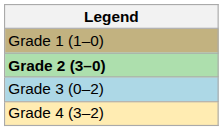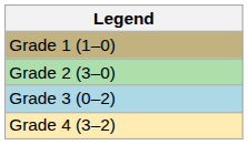 <table class="wikitable" style="font-size:85%;" width=12%>
 <tr>
 <th>Legend</th>
 </tr>
 <tr bgcolor="#C2B280">
 <td>Grade 1 (1–0)</td>
 </tr>
 <tr bgcolor="#ADDFAD">
-<td><strong>Grade 2 (3–0)</strong></td>
+<td>Grade 2 (3–0)</td>
 </tr>
 <tr bgcolor="lightblue">
 <td>Grade 3 (0–2)</td>
 </tr>
 <tr bgcolor="#ffecb2">
 <td>Grade 4 (3–2)</td>
 </tr>
 </table>
